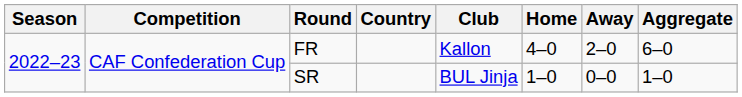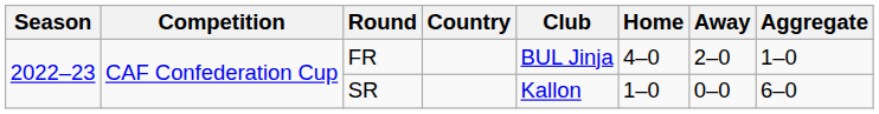 <table class=wikitable>
 <tr>
 <th>Season</th>
 <th>Competition</th>
 <th>Round</th>
 <th>Country</th>
 <th>Club</th>
 <th>Home</th>
 <th>Away</th>
 <th>Aggregate</th>
 </tr>
 <tr>
 <td rowspan=2><a href='#'>2022–23</a></td>
 <td rowspan=2><a href='#'>CAF Confederation Cup</a></td>
 <td>FR</td>
 <td></td>
-<td><a href='#'>Kallon</a></td>
+<td><a href='#'>BUL Jinja</a></td>
 <td>4–0</td>
 <td>2–0</td>
-<td>6–0</td>
+<td>1–0</td>
 </tr>
 <tr>
 <td>SR</td>
 <td></td>
-<td><a href='#'>BUL Jinja</a></td>
+<td><a href='#'>Kallon</a></td>
 <td>1–0</td>
 <td>0–0</td>
-<td>1–0</td>
+<td>6–0</td>
 </tr>
 </table>
